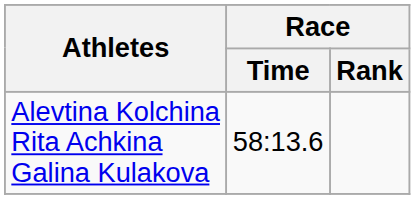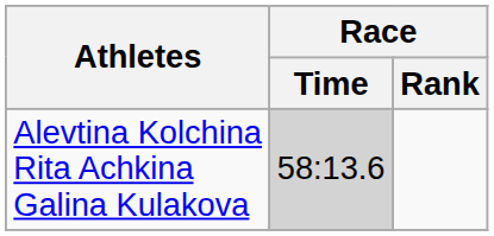 <table class="wikitable" border="1" style="font-size:90%">
 <tr>
 <th rowspan=2>Athletes</th>
 <th colspan=2>Race</th>
 </tr>
 <tr>
 <th>Time</th>
 <th>Rank</th>
 </tr>
 <tr>
 <td><a href='#'>Alevtina Kolchina</a><br><a href='#'>Rita Achkina</a><br><a href='#'>Galina Kulakova</a></td>
-<td align=center>58:13.6</td>
+<td align=center style="background: lightgrey;">58:13.6</td>
 <td align=center></td>
 </tr>
 </table>
